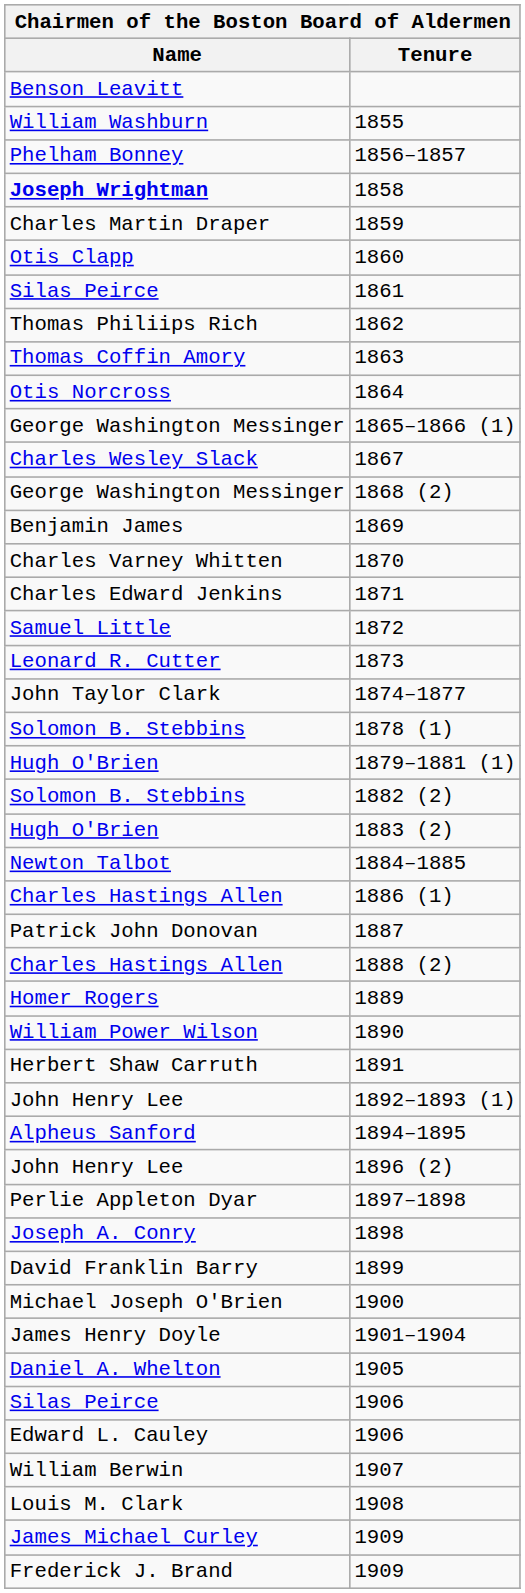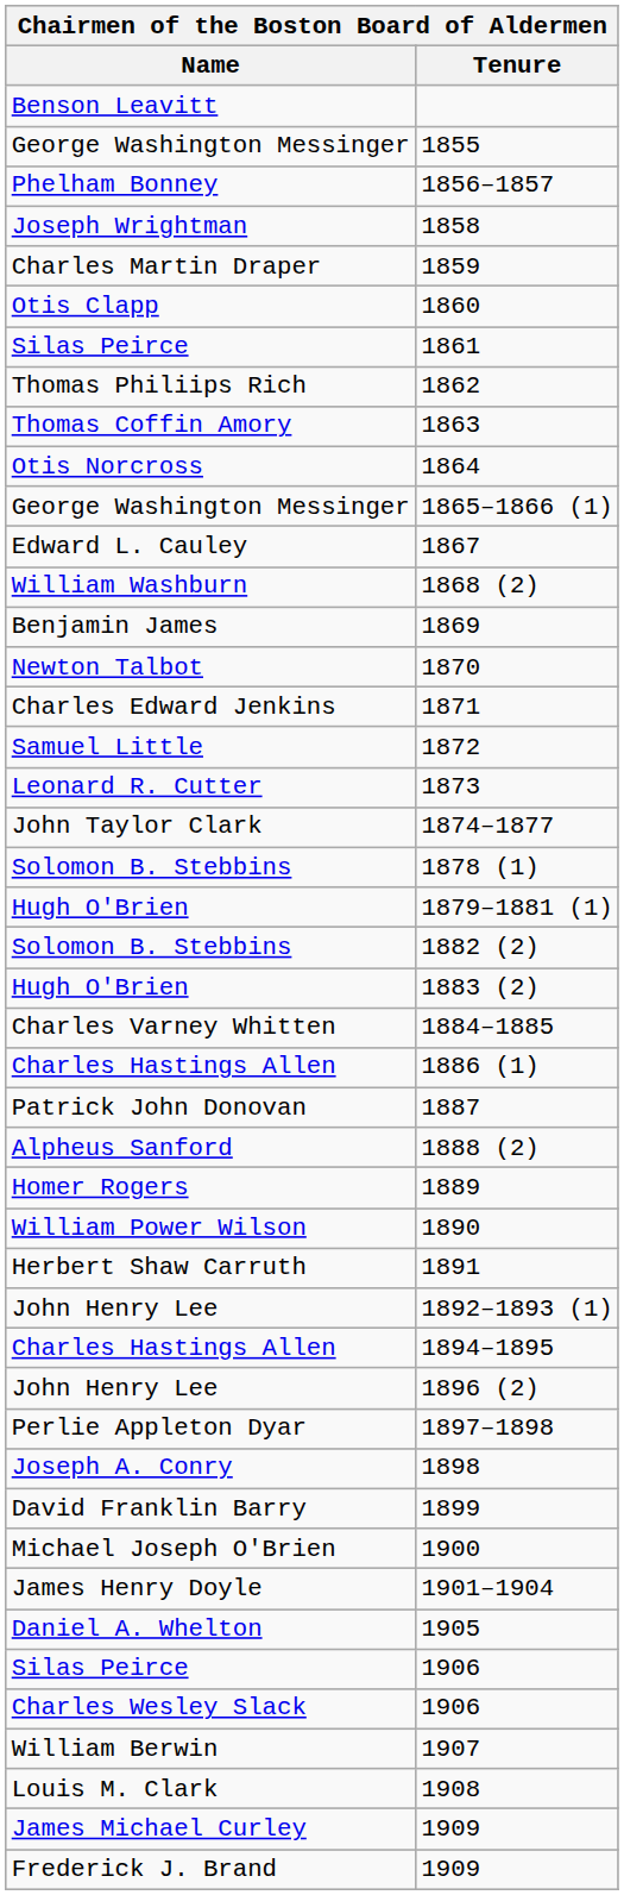 <table class="wikitable mw-collapsible">
 <tr>
 <th colspan=2>Chairmen of the Boston Board of Aldermen</th>
 </tr>
 <tr>
 <th>Name</th>
 <th>Tenure</th>
 </tr>
 <tr>
 <td><a href='#'>Benson Leavitt</a></td>
 <td></td>
 </tr>
 <tr>
-<td><a href='#'>William Washburn</a></td>
+<td>George Washington Messinger</td>
 <td>1855</td>
 </tr>
 <tr>
 <td><a href='#'>Phelham Bonney</a></td>
 <td>1856–1857</td>
 </tr>
 <tr>
-<td><strong><a href='#'>Joseph Wrightman</a></strong></td>
+<td><a href='#'>Joseph Wrightman</a></td>
 <td>1858</td>
 </tr>
 <tr>
 <td>Charles Martin Draper</td>
 <td>1859</td>
 </tr>
 <tr>
 <td><a href='#'>Otis Clapp</a></td>
 <td>1860</td>
 </tr>
 <tr>
 <td><a href='#'>Silas Peirce</a></td>
 <td>1861</td>
 </tr>
 <tr>
 <td>Thomas Philiips Rich</td>
 <td>1862</td>
 </tr>
 <tr>
 <td><a href='#'>Thomas Coffin Amory</a></td>
 <td>1863</td>
 </tr>
 <tr>
 <td><a href='#'>Otis Norcross</a></td>
 <td>1864</td>
 </tr>
 <tr>
 <td>George Washington Messinger</td>
 <td>1865–1866 (1)</td>
 </tr>
 <tr>
-<td><a href='#'>Charles Wesley Slack</a></td>
+<td>Edward L. Cauley</td>
 <td>1867</td>
 </tr>
 <tr>
-<td>George Washington Messinger</td>
+<td><a href='#'>William Washburn</a></td>
 <td>1868 (2)</td>
 </tr>
 <tr>
 <td>Benjamin James</td>
 <td>1869</td>
 </tr>
 <tr>
-<td>Charles Varney Whitten</td>
+<td><a href='#'>Newton Talbot</a></td>
 <td>1870</td>
 </tr>
 <tr>
 <td>Charles Edward Jenkins</td>
 <td>1871</td>
 </tr>
 <tr>
 <td><a href='#'>Samuel Little</a></td>
 <td>1872</td>
 </tr>
 <tr>
 <td><a href='#'>Leonard R. Cutter</a></td>
 <td>1873</td>
 </tr>
 <tr>
 <td>John Taylor Clark</td>
 <td>1874–1877</td>
 </tr>
 <tr>
 <td><a href='#'>Solomon B. Stebbins</a></td>
 <td>1878 (1)</td>
 </tr>
 <tr>
 <td><a href='#'>Hugh O'Brien</a></td>
 <td>1879–1881 (1)</td>
 </tr>
 <tr>
 <td><a href='#'>Solomon B. Stebbins</a></td>
 <td>1882 (2)</td>
 </tr>
 <tr>
 <td><a href='#'>Hugh O'Brien</a></td>
 <td>1883 (2)</td>
 </tr>
 <tr>
-<td><a href='#'>Newton Talbot</a></td>
+<td>Charles Varney Whitten</td>
 <td>1884–1885</td>
 </tr>
 <tr>
 <td><a href='#'>Charles Hastings Allen</a></td>
 <td>1886 (1)</td>
 </tr>
 <tr>
 <td>Patrick John Donovan</td>
 <td>1887</td>
 </tr>
 <tr>
-<td><a href='#'>Charles Hastings Allen</a></td>
+<td><a href='#'>Alpheus Sanford</a></td>
 <td>1888 (2)</td>
 </tr>
 <tr>
 <td><a href='#'>Homer Rogers</a></td>
 <td>1889</td>
 </tr>
 <tr>
 <td><a href='#'>William Power Wilson</a></td>
 <td>1890</td>
 </tr>
 <tr>
 <td>Herbert Shaw Carruth</td>
 <td>1891</td>
 </tr>
 <tr>
 <td>John Henry Lee</td>
 <td>1892–1893 (1)</td>
 </tr>
 <tr>
-<td><a href='#'>Alpheus Sanford</a></td>
+<td><a href='#'>Charles Hastings Allen</a></td>
 <td>1894–1895</td>
 </tr>
 <tr>
 <td>John Henry Lee</td>
 <td>1896 (2)</td>
 </tr>
 <tr>
 <td>Perlie Appleton Dyar</td>
 <td>1897–1898</td>
 </tr>
 <tr>
 <td><a href='#'>Joseph A. Conry</a></td>
 <td>1898</td>
 </tr>
 <tr>
 <td>David Franklin Barry</td>
 <td>1899</td>
 </tr>
 <tr>
 <td>Michael Joseph O'Brien</td>
 <td>1900</td>
 </tr>
 <tr>
 <td>James Henry Doyle</td>
 <td>1901–1904</td>
 </tr>
 <tr>
 <td><a href='#'>Daniel A. Whelton</a></td>
 <td>1905</td>
 </tr>
 <tr>
 <td><a href='#'>Silas Peirce</a></td>
 <td>1906</td>
 </tr>
 <tr>
-<td>Edward L. Cauley</td>
+<td><a href='#'>Charles Wesley Slack</a></td>
 <td>1906</td>
 </tr>
 <tr>
 <td>William Berwin</td>
 <td>1907</td>
 </tr>
 <tr>
 <td>Louis M. Clark</td>
 <td>1908</td>
 </tr>
 <tr>
 <td><a href='#'>James Michael Curley</a> </td>
 <td>1909</td>
 </tr>
 <tr>
 <td>Frederick J. Brand</td>
 <td>1909</td>
 </tr>
 <tr>
 </tr>
 </table>
